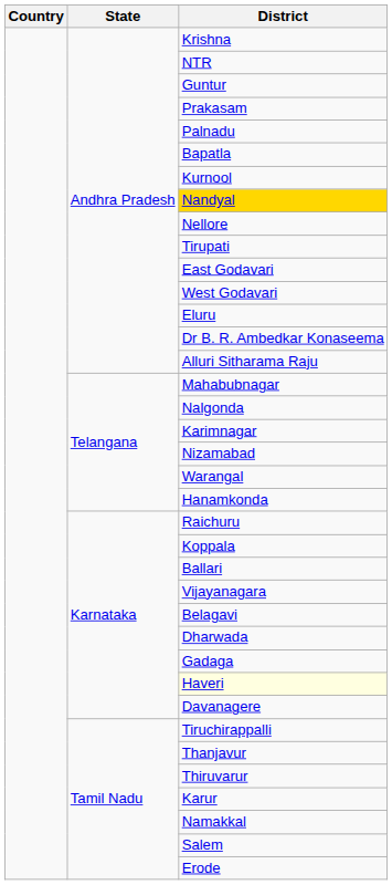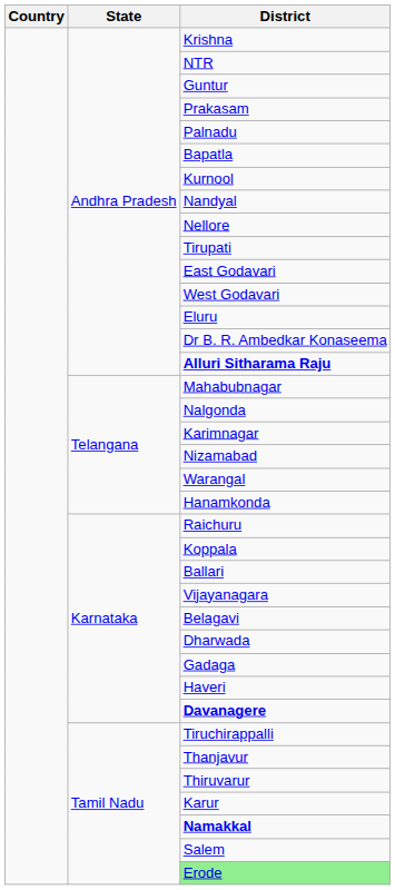 <table class="wikitable">
 <tr>
 <th>Country</th>
 <th>State</th>
 <th>District</th>
 </tr>
 <tr>
 <td rowspan="37"></td>
 <td rowspan="15"><a href='#'>Andhra Pradesh</a></td>
 <td><a href='#'>Krishna</a></td>
 </tr>
 <tr>
 <td><a href='#'>NTR</a></td>
 </tr>
 <tr>
 <td><a href='#'>Guntur</a></td>
 </tr>
 <tr>
 <td><a href='#'>Prakasam</a></td>
 </tr>
 <tr>
 <td><a href='#'>Palnadu</a></td>
 </tr>
 <tr>
 <td><a href='#'>Bapatla</a></td>
 </tr>
 <tr>
 <td><a href='#'>Kurnool</a></td>
 </tr>
 <tr>
-<td style="background: gold;"><a href='#'>Nandyal</a></td>
+<td><a href='#'>Nandyal</a></td>
 </tr>
 <tr>
 <td><a href='#'>Nellore</a></td>
 </tr>
 <tr>
 <td><a href='#'>Tirupati</a></td>
 </tr>
 <tr>
 <td><a href='#'>East Godavari</a></td>
 </tr>
 <tr>
 <td><a href='#'>West Godavari</a></td>
 </tr>
 <tr>
 <td><a href='#'>Eluru</a></td>
 </tr>
 <tr>
 <td><a href='#'>Dr B. R. Ambedkar Konaseema</a></td>
 </tr>
 <tr>
-<td><a href='#'>Alluri Sitharama Raju</a></td>
+<td><strong><a href='#'>Alluri Sitharama Raju</a></strong></td>
 </tr>
 <tr>
 <td rowspan="6"><a href='#'>Telangana</a></td>
 <td><a href='#'>Mahabubnagar</a></td>
 </tr>
 <tr>
 <td><a href='#'>Nalgonda</a></td>
 </tr>
 <tr>
 <td><a href='#'>Karimnagar</a></td>
 </tr>
 <tr>
 <td><a href='#'>Nizamabad</a></td>
 </tr>
 <tr>
 <td><a href='#'>Warangal</a></td>
 </tr>
 <tr>
 <td><a href='#'>Hanamkonda</a></td>
 </tr>
 <tr>
 <td rowspan="9"><a href='#'>Karnataka</a></td>
 <td><a href='#'>Raichuru</a></td>
 </tr>
 <tr>
 <td><a href='#'>Koppala</a></td>
 </tr>
 <tr>
 <td><a href='#'>Ballari</a></td>
 </tr>
 <tr>
 <td><a href='#'>Vijayanagara</a></td>
 </tr>
 <tr>
 <td><a href='#'>Belagavi</a></td>
 </tr>
 <tr>
 <td><a href='#'>Dharwada</a></td>
 </tr>
 <tr>
 <td><a href='#'>Gadaga</a></td>
 </tr>
 <tr>
-<td style="background: lightyellow;"><a href='#'>Haveri</a></td>
+<td><a href='#'>Haveri</a></td>
 </tr>
 <tr>
-<td><a href='#'>Davanagere</a></td>
+<td><strong><a href='#'>Davanagere</a></strong></td>
 </tr>
 <tr>
 <td rowspan="7"><a href='#'>Tamil Nadu</a></td>
 <td><a href='#'>Tiruchirappalli</a></td>
 </tr>
 <tr>
 <td><a href='#'>Thanjavur</a></td>
 </tr>
 <tr>
 <td><a href='#'>Thiruvarur</a></td>
 </tr>
 <tr>
 <td><a href='#'>Karur</a></td>
 </tr>
 <tr>
-<td><a href='#'>Namakkal</a></td>
+<td><strong><a href='#'>Namakkal</a></strong></td>
 </tr>
 <tr>
 <td><a href='#'>Salem</a></td>
 </tr>
 <tr>
-<td><a href='#'>Erode</a></td>
+<td style="background: lightgreen;"><a href='#'>Erode</a></td>
 </tr>
 </table>
